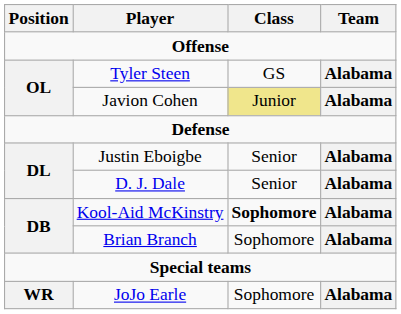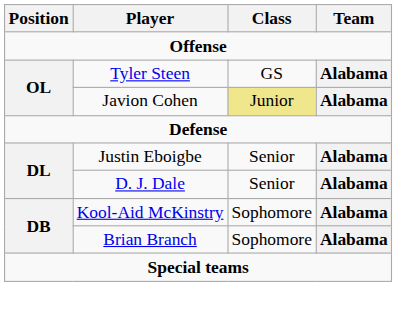 <table class="wikitable">
 <tr>
 <th>Position</th>
 <th>Player</th>
 <th>Class</th>
 <th>Team</th>
 </tr>
 <tr>
 <td colspan="4" style="text-align:center; "><strong>Offense</strong></td>
 </tr>
 <tr style="text-align:center;">
 <th rowspan="2">OL</th>
 <td><a href='#'>Tyler Steen</a></td>
 <td>GS</td>
 <th style=>Alabama</th>
 </tr>
 <tr style="text-align:center;">
 <td>Javion Cohen</td>
 <td style="background: khaki;">Junior</td>
 <th style=>Alabama</th>
 </tr>
 <tr>
 <td colspan="4" style="text-align:center; "><strong>Defense</strong></td>
 </tr>
 <tr style="text-align:center;">
 <th rowspan="2">DL</th>
 <td>Justin Eboigbe</td>
 <td>Senior</td>
 <th style=>Alabama</th>
 </tr>
 <tr style="text-align:center;">
 <td><a href='#'>D. J. Dale</a></td>
 <td>Senior</td>
 <th style=>Alabama</th>
 </tr>
 <tr style="text-align:center;">
 <th rowspan="2">DB</th>
 <td><a href='#'>Kool-Aid McKinstry</a></td>
-<td><strong>Sophomore</strong></td>
+<td>Sophomore</td>
 <th style=>Alabama</th>
 </tr>
 <tr style="text-align:center;">
 <td><a href='#'>Brian Branch</a></td>
 <td>Sophomore</td>
 <th style=>Alabama</th>
 </tr>
 <tr>
 <td colspan="4" style="text-align:center; "><strong>Special teams</strong></td>
 </tr>
-<tr style="text-align:center;">
-<th rowspan="1">WR</th>
-<td><a href='#'>JoJo Earle</a></td>
-<td>Sophomore</td>
-<th style=>Alabama</th>
-</tr>
 </table>
